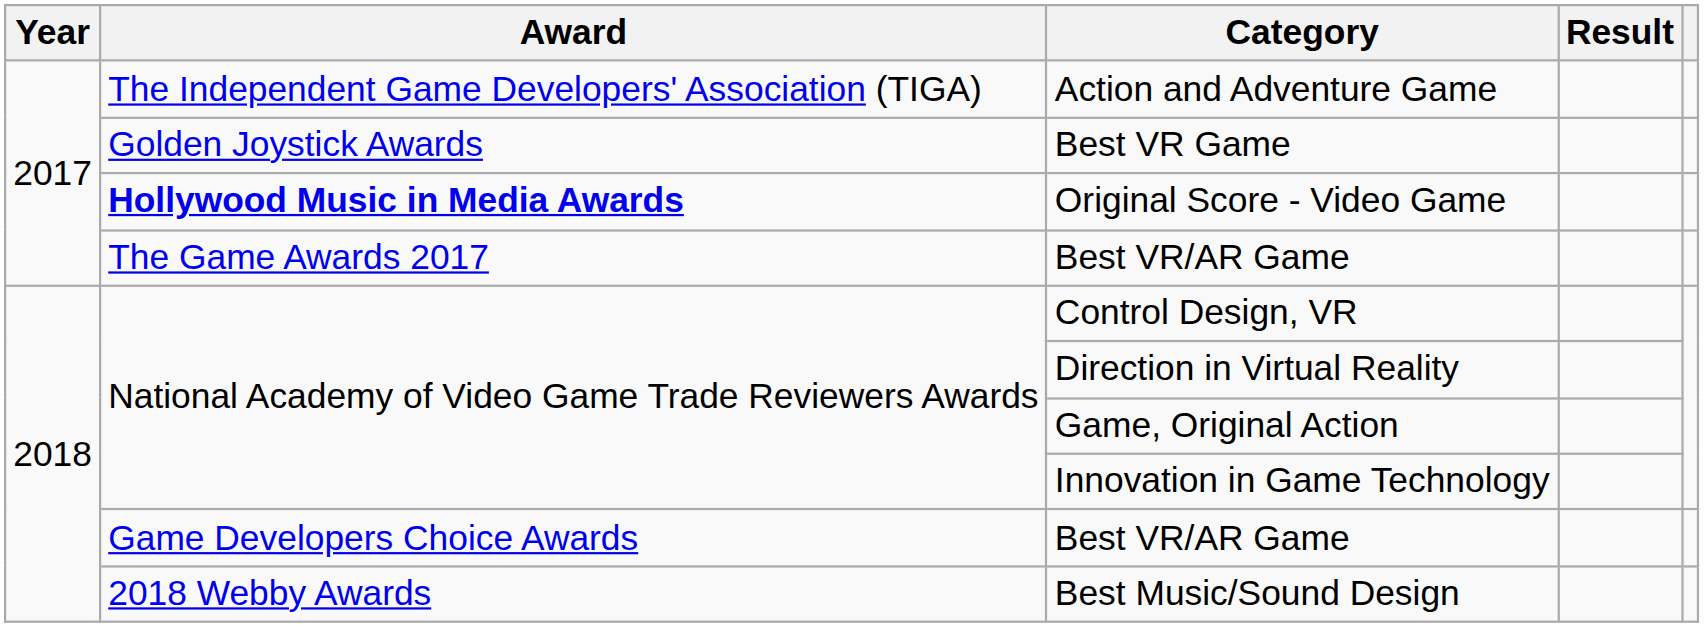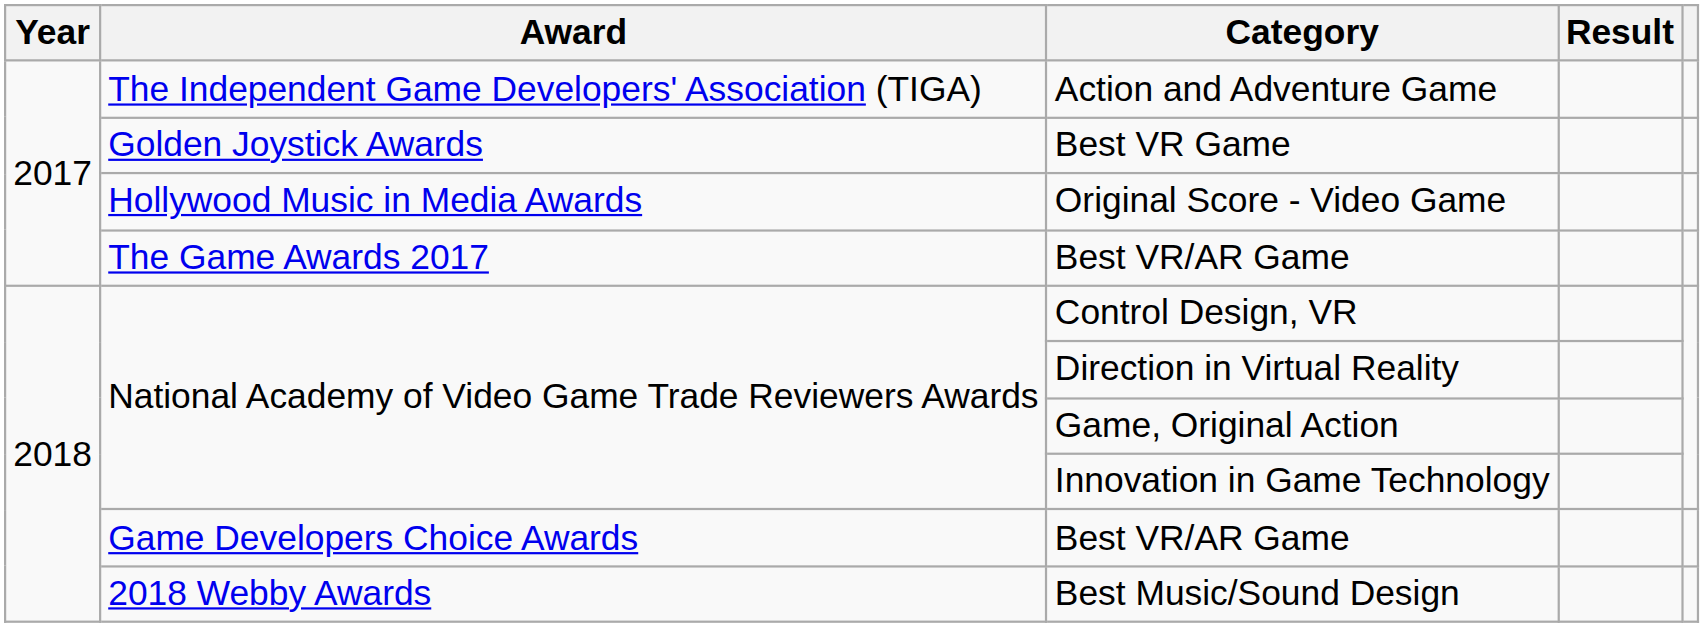 <table class="wikitable sortable">
 <tr>
 <th>Year</th>
 <th>Award</th>
 <th>Category</th>
 <th>Result</th>
 <th></th>
 </tr>
 <tr>
 <td style="text-align:center;" rowspan="4">2017</td>
 <td rowspan="1"><a href='#'>The Independent Game Developers' Association</a> (TIGA)</td>
 <td>Action and Adventure Game</td>
 <td></td>
 <td rowspan="1" style="text-align:center;"></td>
 </tr>
 <tr>
 <td rowspan="1"><a href='#'>Golden Joystick Awards</a></td>
 <td>Best VR Game</td>
 <td></td>
 <td rowspan="1" style="text-align:center;"></td>
 </tr>
 <tr>
-<td rowspan="1"><strong><a href='#'>Hollywood Music in Media Awards</a></strong></td>
+<td rowspan="1"><a href='#'>Hollywood Music in Media Awards</a></td>
 <td>Original Score - Video Game</td>
 <td></td>
 <td rowspan="1" style="text-align:center;"></td>
 </tr>
 <tr>
 <td rowspan="1"><a href='#'>The Game Awards 2017</a></td>
 <td>Best VR/AR Game</td>
 <td></td>
 <td rowspan="1" style="text-align:center;"></td>
 </tr>
 <tr>
 <td style="text-align:center;" rowspan="6">2018</td>
 <td rowspan="4">National Academy of Video Game Trade Reviewers Awards</td>
 <td>Control Design, VR</td>
 <td></td>
 <td rowspan="4" style="text-align:center;"></td>
 </tr>
 <tr>
 <td>Direction in Virtual Reality</td>
 <td></td>
 </tr>
 <tr>
 <td>Game, Original Action</td>
 <td></td>
 </tr>
 <tr>
 <td>Innovation in Game Technology</td>
 <td></td>
 </tr>
 <tr>
 <td rowspan="1"><a href='#'>Game Developers Choice Awards</a></td>
 <td>Best VR/AR Game</td>
 <td></td>
 <td rowspan="1" style="text-align:center;"></td>
 </tr>
 <tr>
 <td rowspan="1"><a href='#'>2018 Webby Awards</a></td>
 <td>Best Music/Sound Design</td>
 <td></td>
 <td rowspan="1" style="text-align:center;"></td>
 </tr>
 </table>
